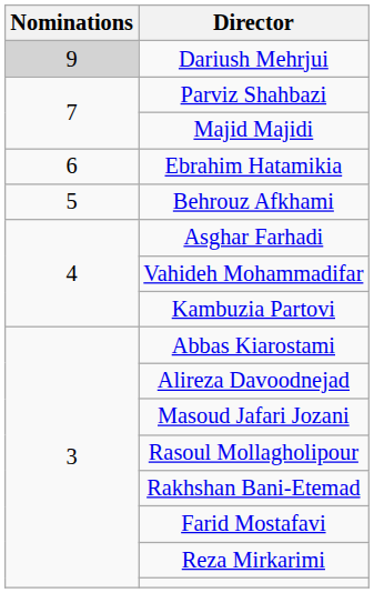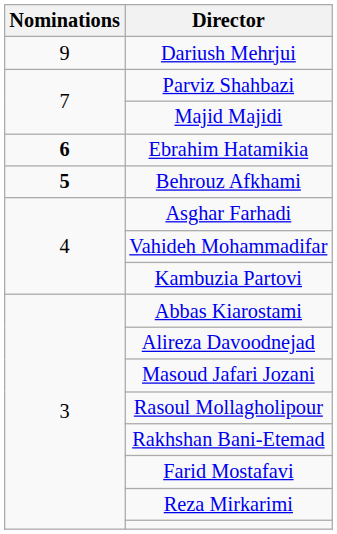 <table class="wikitable" style="text-align:center;">
 <tr>
 <th>Nominations</th>
 <th>Director</th>
 </tr>
 <tr>
-<td style="background: lightgrey; text-align:center;">9</td>
+<td style="text-align:center;">9</td>
 <td><a href='#'>Dariush Mehrjui</a></td>
 </tr>
 <tr>
 <td rowspan=2 style="text-align:center;">7</td>
 <td><a href='#'>Parviz Shahbazi</a></td>
 </tr>
 <tr>
 <td><a href='#'>Majid Majidi</a></td>
 </tr>
 <tr>
-<td style="text-align:center;">6</td>
+<td style="text-align:center;"><strong>6</strong></td>
 <td><a href='#'>Ebrahim Hatamikia</a></td>
 </tr>
 <tr>
-<td style="text-align:center;">5</td>
+<td style="text-align:center;"><strong>5</strong></td>
 <td><a href='#'>Behrouz Afkhami</a></td>
 </tr>
 <tr>
 <td rowspan=3 style="text-align:center;">4</td>
 <td><a href='#'>Asghar Farhadi</a></td>
 </tr>
 <tr>
 <td><a href='#'>Vahideh Mohammadifar</a></td>
 </tr>
 <tr>
 <td><a href='#'>Kambuzia Partovi</a></td>
 </tr>
 <tr>
 <td rowspan=8 style="text-align:center;">3</td>
 <td><a href='#'>Abbas Kiarostami</a></td>
 </tr>
 <tr>
 <td><a href='#'>Alireza Davoodnejad</a></td>
 </tr>
 <tr>
 <td><a href='#'>Masoud Jafari Jozani</a></td>
 </tr>
 <tr>
 <td><a href='#'>Rasoul Mollagholipour</a></td>
 </tr>
 <tr>
 <td><a href='#'>Rakhshan Bani-Etemad</a></td>
 </tr>
 <tr>
 <td><a href='#'>Farid Mostafavi</a></td>
 </tr>
 <tr>
 <td><a href='#'>Reza Mirkarimi</a></td>
 </tr>
 <tr>
 <td></td>
 </tr>
 </table>
